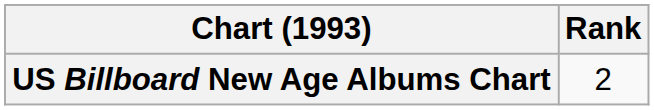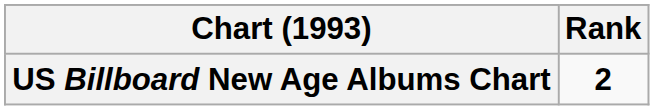 <table class="wikitable plainrowheaders" style="text-align:center;">
 <tr>
 <th scope="col">Chart (1993)</th>
 <th scope="col">Rank</th>
 </tr>
 <tr>
 <th scope="row">US <em>Billboard</em> New Age Albums Chart</th>
-<td>2</td>
+<td><strong>2</strong></td>
 </tr>
 </table>
